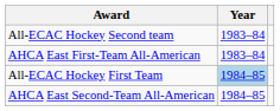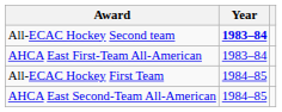 <table class="wikitable">
 <tr>
 <th>Award</th>
 <th>Year</th>
 <th></th>
 </tr>
 <tr>
 <td>All-<a href='#'>ECAC Hockey</a> <a href='#'>Second team</a></td>
-<td><a href='#'>1983–84</a></td>
+<td><strong><a href='#'>1983–84</a></strong></td>
 <td></td>
 </tr>
 <tr>
 <td><a href='#'>AHCA</a> <a href='#'>East First-Team All-American</a></td>
 <td><a href='#'>1983–84</a></td>
 <td></td>
 </tr>
 <tr>
 <td>All-<a href='#'>ECAC Hockey</a> <a href='#'>First Team</a></td>
-<td style="background: lightblue;"><a href='#'>1984–85</a></td>
+<td><a href='#'>1984–85</a></td>
 <td></td>
 </tr>
 <tr>
 <td><a href='#'>AHCA</a> <a href='#'>East Second-Team All-American</a></td>
 <td><a href='#'>1984–85</a></td>
 <td></td>
 </tr>
 </table>
